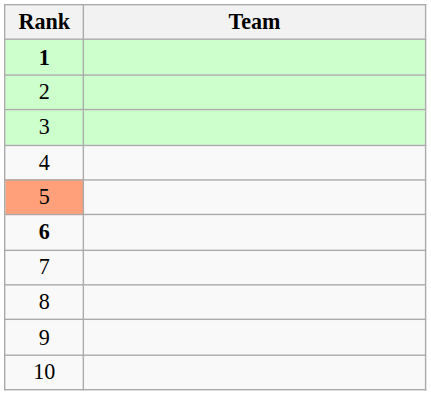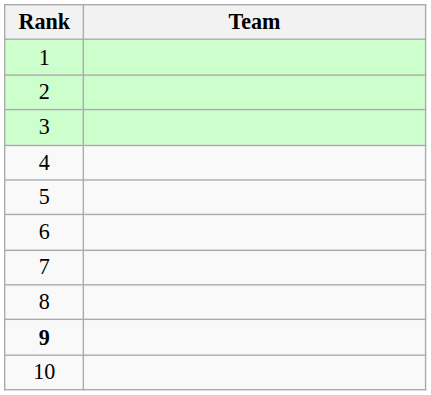 <table class="wikitable" style="text-align: center;">
 <tr>
 <th width="50">Rank</th>
 <th width="240">Team</th>
 </tr>
 <tr bgcolor="ccffcc">
-<td><strong>1</strong></td>
+<td>1</td>
 <td align="left"></td>
 </tr>
 <tr bgcolor="ccffcc">
 <td>2</td>
 <td align="left"></td>
 </tr>
 <tr bgcolor="ccffcc">
 <td>3</td>
 <td align="left"></td>
 </tr>
 <tr>
 <td>4</td>
 <td align="left"></td>
 </tr>
 <tr>
-<td style="background: lightsalmon;">5</td>
+<td>5</td>
 <td align="left"></td>
 </tr>
 <tr>
-<td><strong>6</strong></td>
+<td>6</td>
 <td align="left"></td>
 </tr>
 <tr>
 <td>7</td>
 <td align="left"></td>
 </tr>
 <tr>
 <td>8</td>
 <td align="left"></td>
 </tr>
 <tr>
-<td>9</td>
+<td><strong>9</strong></td>
 <td align="left"></td>
 </tr>
 <tr>
 <td>10</td>
 <td align="left"></td>
 </tr>
 </table>
